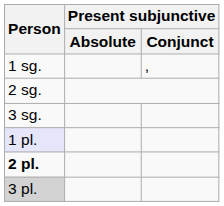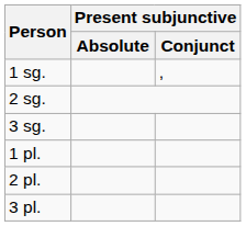 <table class=wikitable>
 <tr>
 <th rowspan=2>Person</th>
 <th colspan="2" style="text-align:center;">Present subjunctive</th>
 </tr>
 <tr>
 <th>Absolute</th>
 <th>Conjunct</th>
 </tr>
 <tr>
 <td>1 sg.</td>
 <td></td>
 <td>, </td>
 </tr>
 <tr>
 <td>2 sg.</td>
 <td colspan="2" style="text-align:center;"></td>
 </tr>
 <tr>
 <td>3 sg.</td>
 <td></td>
 <td></td>
 </tr>
 <tr>
-<td style="background: lavender;">1 pl.</td>
+<td>1 pl.</td>
 <td></td>
 <td></td>
 </tr>
 <tr>
-<td><strong>2 pl.</strong></td>
+<td>2 pl.</td>
 <td></td>
 <td></td>
 </tr>
 <tr>
-<td style="background: lightgrey;">3 pl.</td>
+<td>3 pl.</td>
 <td></td>
 <td></td>
 </tr>
 </table>
